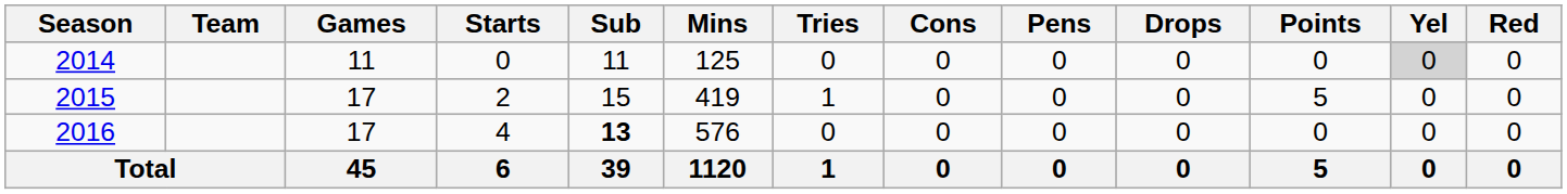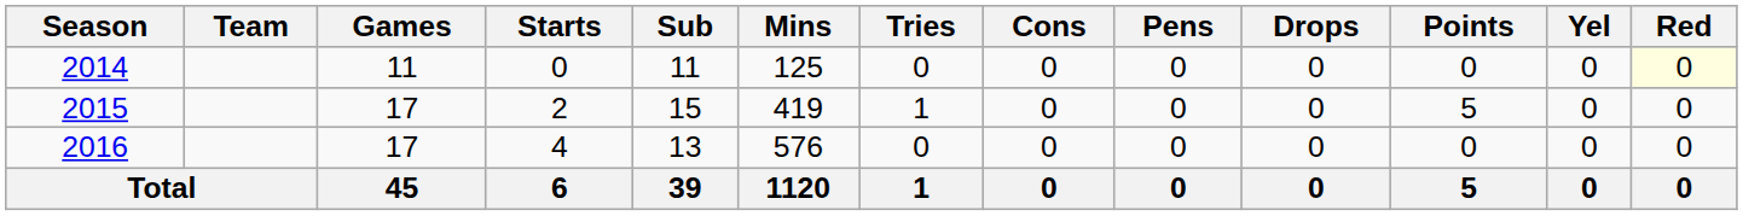 <table class="wikitable" style="text-align:center; line-height:90%; font-size:95%; width:70%;">
 <tr>
 <th>Season</th>
 <th>Team</th>
 <th>Games</th>
 <th>Starts</th>
 <th>Sub</th>
 <th>Mins</th>
 <th>Tries</th>
 <th>Cons</th>
 <th>Pens</th>
 <th>Drops</th>
 <th>Points</th>
 <th>Yel</th>
 <th>Red</th>
 </tr>
 <tr>
 <td><a href='#'>2014</a></td>
 <td></td>
 <td>11</td>
 <td>0</td>
 <td>11</td>
 <td>125</td>
 <td>0</td>
 <td>0</td>
 <td>0</td>
 <td>0</td>
 <td>0</td>
-<td style="background: lightgrey;">0</td>
 <td>0</td>
+<td style="background: lightyellow;">0</td>
 </tr>
 <tr>
 <td><a href='#'>2015</a></td>
 <td></td>
 <td>17</td>
 <td>2</td>
 <td>15</td>
 <td>419</td>
 <td>1</td>
 <td>0</td>
 <td>0</td>
 <td>0</td>
 <td>5</td>
 <td>0</td>
 <td>0</td>
 </tr>
 <tr>
 <td><a href='#'>2016</a></td>
 <td></td>
 <td>17</td>
 <td>4</td>
-<td><strong>13</strong></td>
+<td>13</td>
 <td>576</td>
 <td>0</td>
 <td>0</td>
 <td>0</td>
 <td>0</td>
 <td>0</td>
 <td>0</td>
 <td>0</td>
 </tr>
 <tr>
 <th colspan="2">Total</th>
 <th>45</th>
 <th>6</th>
 <th>39</th>
 <th>1120</th>
 <th>1</th>
 <th>0</th>
 <th>0</th>
 <th>0</th>
 <th>5</th>
 <th>0</th>
 <th>0</th>
 </tr>
 </table>
